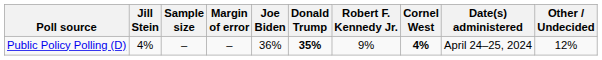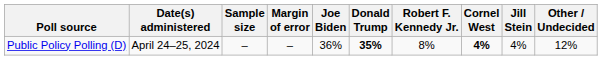 <table class="wikitable sortable mw-datatable" style="font-size:90%;text-align:center;line-height:17px">
 <tr valign=bottom>
 <th>Poll source</th>
-<th class="unsortable">Jill<br>Stein<br></th>
+<th>Date(s)<br>administered</th>
 <th>Sample<br>size</th>
 <th>Margin<br>of error</th>
 <th class="unsortable">Joe<br>Biden<br></th>
 <th class="unsortable">Donald<br>Trump<br></th>
 <th class="unsortable">Robert F.<br>Kennedy Jr.<br></th>
 <th class="unsortable">Cornel<br>West<br></th>
-<th>Date(s)<br>administered</th>
+<th class="unsortable">Jill<br>Stein<br></th>
 <th class="unsortable">Other /<br>Undecided</th>
 </tr>
 <tr>
 <td style="text-align:left;"><a href='#'>Public Policy Polling (D)</a></td>
-<td>4%</td>
+<td>April 24–25, 2024</td>
 <td>–</td>
 <td>–</td>
 <td>36%</td>
 <td style="background-color:"><strong>35%</strong></td>
-<td>9%</td>
+<td>8%</td>
 <td><strong>4%</strong></td>
-<td>April 24–25, 2024</td>
+<td>4%</td>
 <td>12%</td>
 </tr>
 </table>
